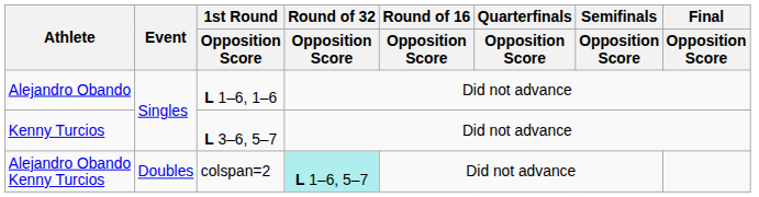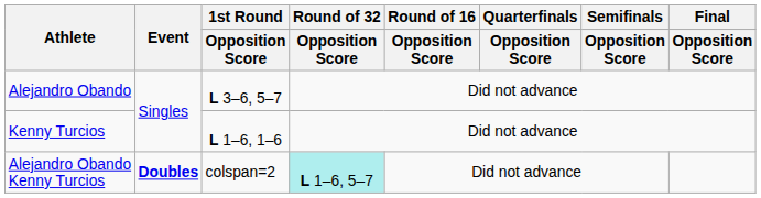 <table class="wikitable" border="1" style="font-size:90%">
 <tr>
 <th rowspan=2>Athlete</th>
 <th rowspan=2>Event</th>
 <th>1st Round</th>
 <th>Round of 32</th>
 <th>Round of 16</th>
 <th>Quarterfinals</th>
 <th>Semifinals</th>
 <th>Final</th>
 </tr>
 <tr>
 <th>Opposition<br>Score</th>
 <th>Opposition<br>Score</th>
 <th>Opposition<br>Score</th>
 <th>Opposition<br>Score</th>
 <th>Opposition<br>Score</th>
 <th>Opposition<br>Score</th>
 </tr>
 <tr>
 <td><a href='#'>Alejandro Obando</a></td>
 <td rowspan=2><a href='#'>Singles</a></td>
+<td align=center><br><strong>L</strong> 3–6, 5–7</td>
+<td align=center colspan=5>Did not advance</td>
+</tr>
+<tr>
+<td><a href='#'>Kenny Turcios</a></td>
 <td align=center><br><strong>L</strong> 1–6, 1–6</td>
 <td align=center colspan=5>Did not advance</td>
 </tr>
 <tr>
-<td><a href='#'>Kenny Turcios</a></td>
-<td align=center><br><strong>L</strong> 3–6, 5–7</td>
-<td align=center colspan=5>Did not advance</td>
-</tr>
-<tr>
 <td><a href='#'>Alejandro Obando</a><br><a href='#'>Kenny Turcios</a></td>
-<td><a href='#'>Doubles</a></td>
+<td><strong><a href='#'>Doubles</a></strong></td>
 <td>colspan=2 </td>
 <td align=center style="background: paleturquoise;"><br><strong>L</strong> 1–6, 5–7</td>
 <td align=center colspan=3>Did not advance</td>
 </tr>
 </table>
